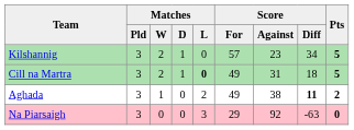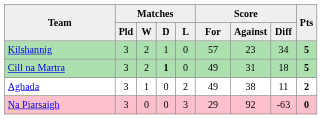 <table style=border-collapse:collapse border=1 cellspacing=0 cellpadding=5>
 <tr align=center bgcolor=#efefef>
 <th rowspan=2 width=165>Team</th>
 <th colspan=4>Matches</th>
 <th colspan=3>Score</th>
 <th rowspan=2width=20>Pts</th>
 </tr>
 <tr align=center bgcolor=#efefef>
 <th width=20>Pld</th>
 <th width=20>W</th>
 <th width=20>D</th>
 <th width=20>L</th>
 <th width=45>For</th>
 <th width=45>Against</th>
 <th width=30>Diff</th>
 </tr>
 <tr align=center style="background:#ACE1AF;">
 <td style="text-align:left;"><a href='#'>Kilshannig</a></td>
 <td>3</td>
 <td>2</td>
 <td>1</td>
 <td>0</td>
 <td>57</td>
 <td>23</td>
 <td>34</td>
 <td><strong>5</strong></td>
 </tr>
 <tr align=center style="background:#ACE1AF;">
 <td style="text-align:left;"><a href='#'>Cill na Martra</a></td>
 <td>3</td>
 <td>2</td>
-<td>1</td>
-<td><strong>0</strong></td>
+<td><strong>1</strong></td>
+<td>0</td>
 <td>49</td>
 <td>31</td>
 <td>18</td>
 <td><strong>5</strong></td>
 </tr>
 <tr align=center>
 <td style="text-align:left;"><a href='#'>Aghada</a></td>
 <td>3</td>
 <td>1</td>
 <td>0</td>
 <td>2</td>
 <td>49</td>
 <td>38</td>
-<td><strong>11</strong></td>
+<td>11</td>
 <td><strong>2</strong></td>
 </tr>
 <tr align=center style="background:#FFC0CB;">
 <td style="text-align:left;"><a href='#'>Na Piarsaigh</a></td>
 <td>3</td>
 <td>0</td>
 <td>0</td>
 <td>3</td>
 <td>29</td>
 <td>92</td>
 <td>-63</td>
 <td><strong>0</strong></td>
 </tr>
 </table>
